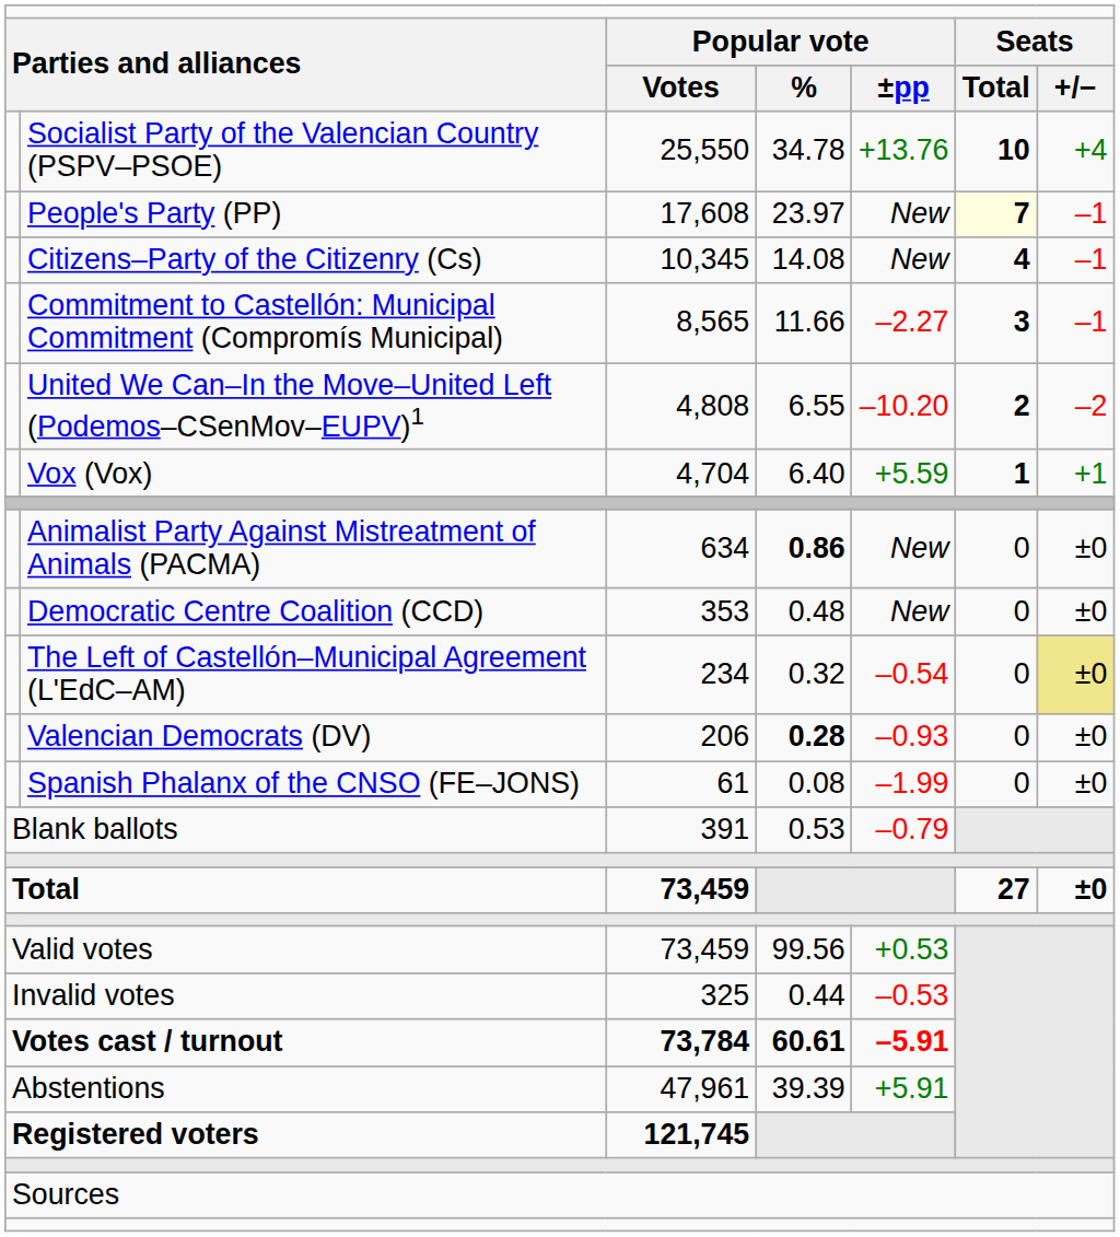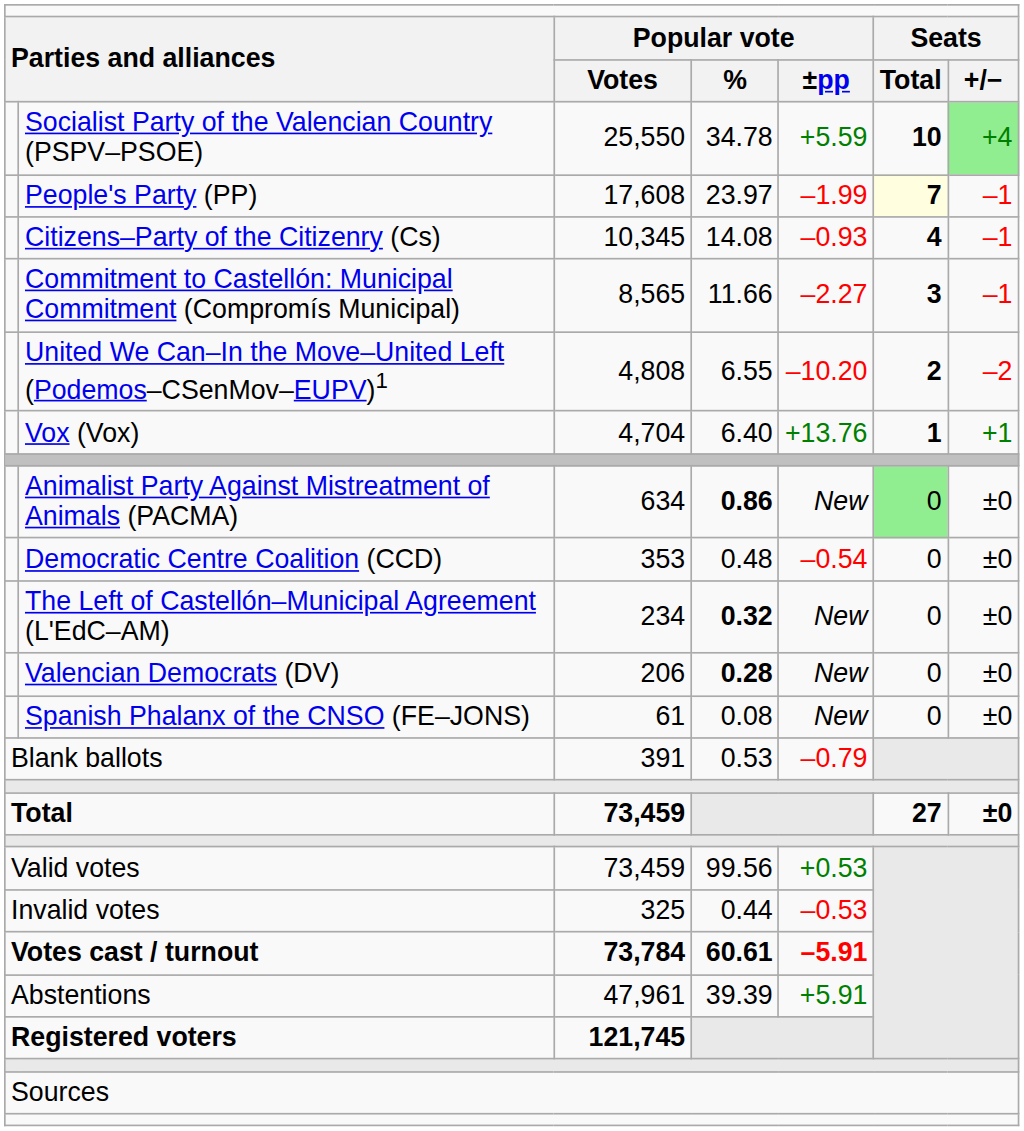 <table class="wikitable" style="text-align:right;">
 <tr>
 <td colspan="7"></td>
 </tr>
 <tr>
 <th style="text-align:left;" rowspan="2" colspan="2" width="525">Parties and alliances</th>
 <th colspan="3">Popular vote</th>
 <th colspan="2">Seats</th>
 </tr>
 <tr>
 <th width="75">Votes</th>
 <th width="45">%</th>
 <th width="45">±<a href='#'>pp</a></th>
 <th width="35">Total</th>
 <th width="35">+/−</th>
 </tr>
 <tr>
 <td width="1" style="color:inherit;background:"></td>
 <td align="left"><a href='#'>Socialist Party of the Valencian Country</a> (PSPV–PSOE)</td>
 <td>25,550</td>
 <td>34.78</td>
-<td style="color:green;">+13.76</td>
+<td style="color:green;">+5.59</td>
 <td><strong>10</strong></td>
-<td style="color:green;">+4</td>
+<td style="background: lightgreen; color:green;">+4</td>
 </tr>
 <tr>
 <td style="color:inherit;background:"></td>
 <td align="left"><a href='#'>People's Party</a> (PP)</td>
 <td>17,608</td>
 <td>23.97</td>
-<td><em>New</em></td>
+<td style="color:red;">–1.99</td>
 <td style="background: lightyellow;"><strong>7</strong></td>
 <td style="color:red;">–1</td>
 </tr>
 <tr>
 <td style="color:inherit;background:"></td>
 <td align="left"><a href='#'>Citizens–Party of the Citizenry</a> (Cs)</td>
 <td>10,345</td>
 <td>14.08</td>
-<td><em>New</em></td>
+<td style="color:red;">–0.93</td>
 <td><strong>4</strong></td>
 <td style="color:red;">–1</td>
 </tr>
 <tr>
 <td style="color:inherit;background:"></td>
 <td align="left"><a href='#'>Commitment to Castellón: Municipal Commitment</a> (Compromís Municipal)</td>
 <td>8,565</td>
 <td>11.66</td>
 <td style="color:red;">–2.27</td>
 <td><strong>3</strong></td>
 <td style="color:red;">–1</td>
 </tr>
 <tr>
 <td style="color:inherit;background:"></td>
 <td align="left"><a href='#'>United We Can–In the Move–United Left</a> (<a href='#'>Podemos</a>–CSenMov–<a href='#'>EUPV</a>)<sup>1</sup></td>
 <td>4,808</td>
 <td>6.55</td>
 <td style="color:red;">–10.20</td>
 <td><strong>2</strong></td>
 <td style="color:red;">–2</td>
 </tr>
 <tr>
 <td style="color:inherit;background:"></td>
 <td align="left"><a href='#'>Vox</a> (Vox)</td>
 <td>4,704</td>
 <td>6.40</td>
-<td style="color:green;">+5.59</td>
+<td style="color:green;">+13.76</td>
 <td><strong>1</strong></td>
 <td style="color:green;">+1</td>
 </tr>
 <tr>
 <td colspan="7" bgcolor="#C0C0C0"></td>
 </tr>
 <tr>
 <td style="color:inherit;background:"></td>
 <td align="left"><a href='#'>Animalist Party Against Mistreatment of Animals</a> (PACMA)</td>
 <td>634</td>
 <td><strong>0.86</strong></td>
 <td><em>New</em></td>
-<td>0</td>
+<td style="background: lightgreen;">0</td>
 <td>±0</td>
 </tr>
 <tr>
 <td style="color:inherit;background:"></td>
 <td align="left"><a href='#'>Democratic Centre Coalition</a> (CCD)</td>
 <td>353</td>
 <td>0.48</td>
-<td><em>New</em></td>
+<td style="color:red;">–0.54</td>
 <td>0</td>
 <td>±0</td>
 </tr>
 <tr>
 <td style="color:inherit;background:"></td>
 <td align="left"><a href='#'>The Left of Castellón–Municipal Agreement</a> (L'EdC–AM)</td>
 <td>234</td>
-<td>0.32</td>
-<td style="color:red;">–0.54</td>
+<td><strong>0.32</strong></td>
+<td><em>New</em></td>
 <td>0</td>
-<td style="background: khaki;">±0</td>
+<td>±0</td>
 </tr>
 <tr>
 <td style="color:inherit;background:"></td>
 <td align="left"><a href='#'>Valencian Democrats</a> (DV)</td>
 <td>206</td>
 <td><strong>0.28</strong></td>
-<td style="color:red;">–0.93</td>
+<td><em>New</em></td>
 <td>0</td>
 <td>±0</td>
 </tr>
 <tr>
 <td style="color:inherit;background:"></td>
 <td align="left"><a href='#'>Spanish Phalanx of the CNSO</a> (FE–JONS)</td>
 <td>61</td>
 <td>0.08</td>
-<td style="color:red;">–1.99</td>
+<td><em>New</em></td>
 <td>0</td>
 <td>±0</td>
 </tr>
 <tr>
 <td align="left" colspan="2">Blank ballots</td>
 <td>391</td>
 <td>0.53</td>
 <td style="color:red;">–0.79</td>
 <td bgcolor="#E9E9E9" colspan="2"></td>
 </tr>
 <tr>
 <td colspan="7" bgcolor="#E9E9E9"></td>
 </tr>
 <tr style="font-weight:bold;">
 <td align="left" colspan="2">Total</td>
 <td>73,459</td>
 <td bgcolor="#E9E9E9" colspan="2"></td>
 <td>27</td>
 <td>±0</td>
 </tr>
 <tr>
 <td colspan="7" bgcolor="#E9E9E9"></td>
 </tr>
 <tr>
 <td align="left" colspan="2">Valid votes</td>
 <td>73,459</td>
 <td>99.56</td>
 <td style="color:green;">+0.53</td>
 <td bgcolor="#E9E9E9" colspan="2" rowspan="5"></td>
 </tr>
 <tr>
 <td align="left" colspan="2">Invalid votes</td>
 <td>325</td>
 <td>0.44</td>
 <td style="color:red;">–0.53</td>
 </tr>
 <tr style="font-weight:bold;">
 <td align="left" colspan="2">Votes cast / turnout</td>
 <td>73,784</td>
 <td>60.61</td>
 <td style="color:red;">–5.91</td>
 </tr>
 <tr>
 <td align="left" colspan="2">Abstentions</td>
 <td>47,961</td>
 <td>39.39</td>
 <td style="color:green;">+5.91</td>
 </tr>
 <tr style="font-weight:bold;">
 <td align="left" colspan="2">Registered voters</td>
 <td>121,745</td>
 <td bgcolor="#E9E9E9" colspan="2"></td>
 </tr>
 <tr>
 <td colspan="7" bgcolor="#E9E9E9"></td>
 </tr>
 <tr>
 <td align="left" colspan="7">Sources</td>
 </tr>
 <tr>
 <td colspan="7" style="text-align:left; max-width:790px;"></td>
 </tr>
 </table>
